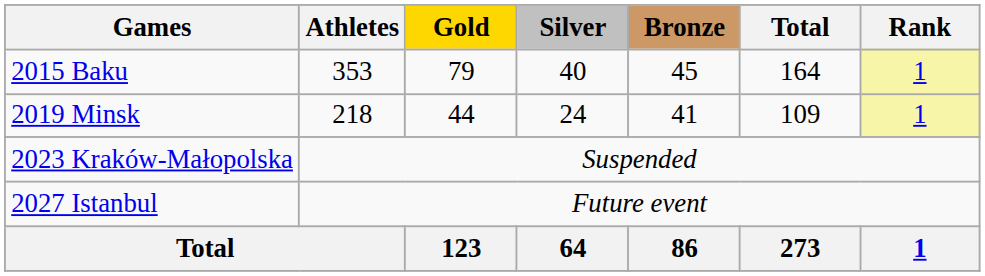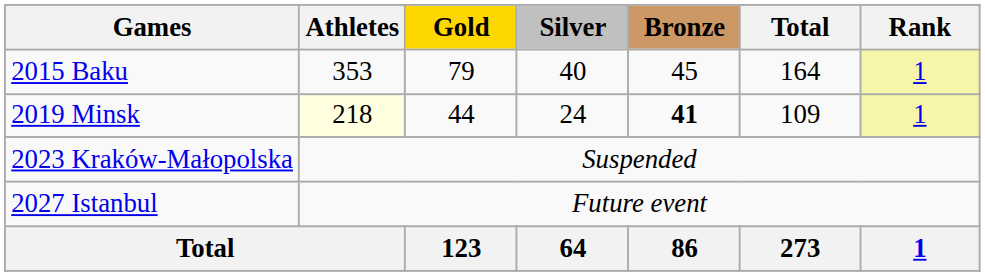 <table class="wikitable" style="text-align:center; font-size:90%;">
 <tr>
 <th>Games</th>
 <th>Athletes</th>
 <td style="background:gold; width:3.7em; font-weight:bold;">Gold</td>
 <td style="background:silver; width:3.7em; font-weight:bold;">Silver</td>
 <td style="background:#cc9966; width:3.7em; font-weight:bold;">Bronze</td>
 <th style="width:4em; font-weight:bold;">Total</th>
 <th style="width:4em; font-weight:bold;">Rank</th>
 </tr>
 <tr>
 <td align=left> <a href='#'>2015 Baku</a></td>
 <td>353</td>
 <td>79</td>
 <td>40</td>
 <td>45</td>
 <td>164</td>
 <td style="background:#f7f6a8;"><a href='#'>1</a></td>
 </tr>
 <tr>
 <td align=left> <a href='#'>2019 Minsk</a></td>
-<td>218</td>
+<td style="background: lightyellow;">218</td>
 <td>44</td>
 <td>24</td>
-<td>41</td>
+<td><strong>41</strong></td>
 <td>109</td>
 <td style="background:#f7f6a8;"><a href='#'>1</a></td>
 </tr>
 <tr>
 <td align=left> <a href='#'>2023 Kraków-Małopolska</a></td>
 <td colspan=6><em>Suspended</em></td>
 </tr>
 <tr>
 <td align=left> <a href='#'>2027 Istanbul</a></td>
 <td colspan=6><em>Future event</em></td>
 </tr>
 <tr>
 <th colspan=2>Total</th>
 <th>123</th>
 <th>64</th>
 <th>86</th>
 <th>273</th>
 <th><a href='#'>1</a></th>
 </tr>
 </table>
